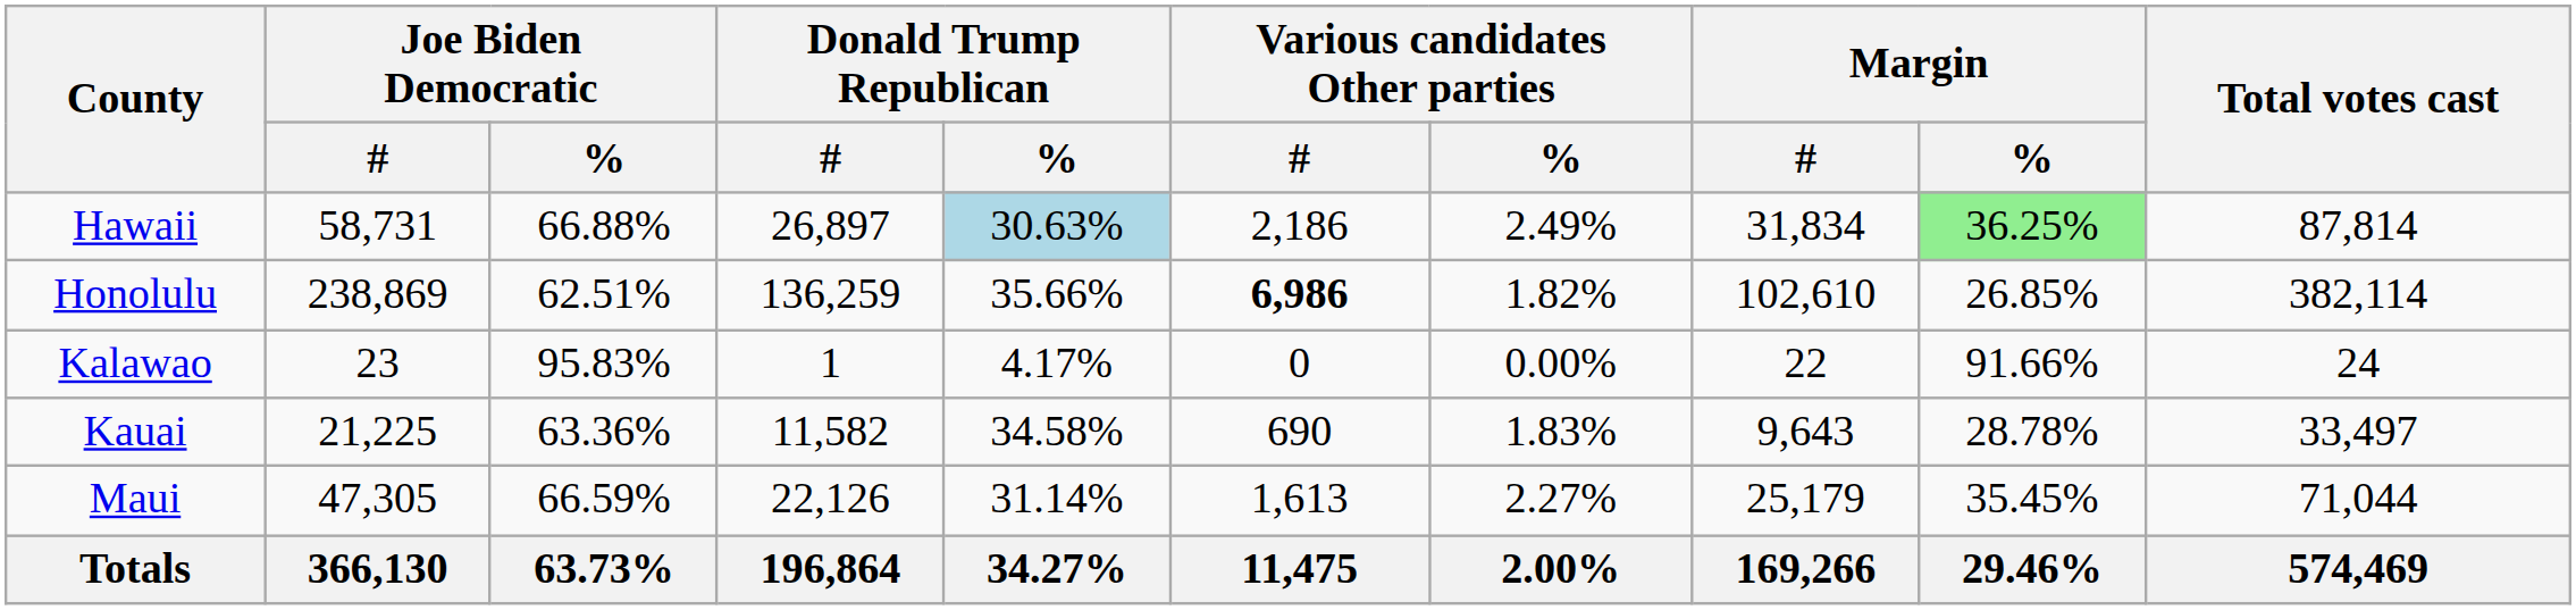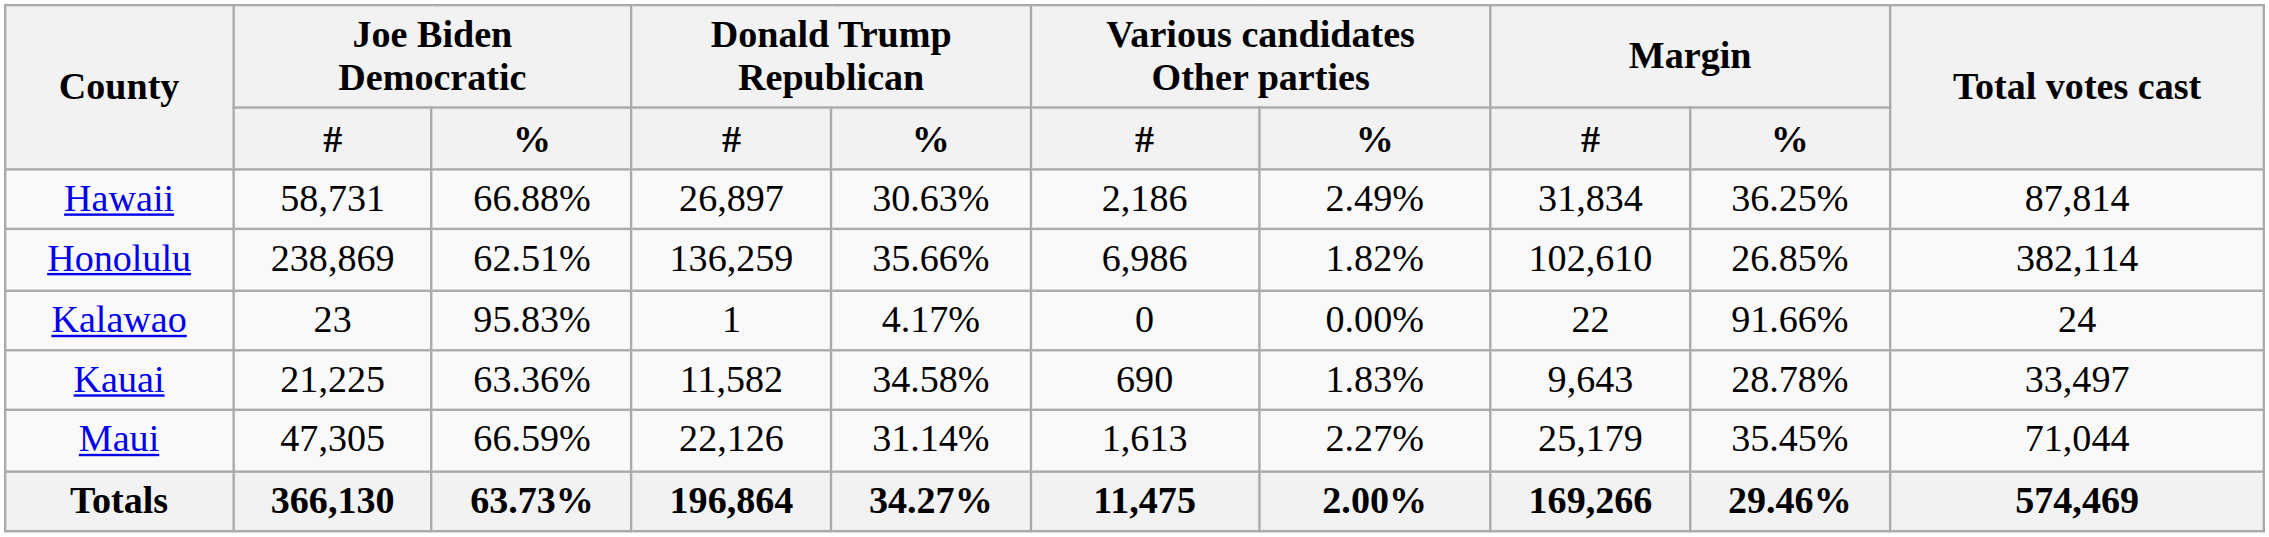 <table width="60%"  class="wikitable sortable" style="text-align:center">
 <tr>
 <th rowspan="2">County</th>
 <th colspan="2">Joe Biden<br>Democratic</th>
 <th colspan="2">Donald Trump<br>Republican</th>
 <th colspan="2">Various candidates<br>Other parties</th>
 <th colspan="2">Margin</th>
 <th rowspan="2">Total votes cast</th>
 </tr>
 <tr>
 <th data-sort-type="number" style="text-align:center;">#</th>
 <th data-sort-type="number" style="text-align:center;">%</th>
 <th data-sort-type="number" style="text-align:center;">#</th>
 <th data-sort-type="number" style="text-align:center;">%</th>
 <th data-sort-type="number" style="text-align:center;">#</th>
 <th data-sort-type="number" style="text-align:center;">%</th>
 <th data-sort-type="number" style="text-align:center;">#</th>
 <th data-sort-type="number" style="text-align:center;">%</th>
 </tr>
 <tr style="text-align:center;">
 <td><a href='#'>Hawaii</a></td>
 <td>58,731</td>
 <td>66.88%</td>
 <td>26,897</td>
-<td style="background: lightblue;">30.63%</td>
+<td>30.63%</td>
 <td>2,186</td>
 <td>2.49%</td>
 <td>31,834</td>
-<td style="background: lightgreen;">36.25%</td>
+<td>36.25%</td>
 <td>87,814</td>
 </tr>
 <tr style="text-align:center;">
 <td><a href='#'>Honolulu</a></td>
 <td>238,869</td>
 <td>62.51%</td>
 <td>136,259</td>
 <td>35.66%</td>
-<td><strong>6,986</strong></td>
+<td>6,986</td>
 <td>1.82%</td>
 <td>102,610</td>
 <td>26.85%</td>
 <td>382,114</td>
 </tr>
 <tr style="text-align:center;">
 <td><a href='#'>Kalawao</a></td>
 <td>23</td>
 <td>95.83%</td>
 <td>1</td>
 <td>4.17%</td>
 <td>0</td>
 <td>0.00%</td>
 <td>22</td>
 <td>91.66%</td>
 <td>24</td>
 </tr>
 <tr style="text-align:center;">
 <td><a href='#'>Kauai</a></td>
 <td>21,225</td>
 <td>63.36%</td>
 <td>11,582</td>
 <td>34.58%</td>
 <td>690</td>
 <td>1.83%</td>
 <td>9,643</td>
 <td>28.78%</td>
 <td>33,497</td>
 </tr>
 <tr style="text-align:center;">
 <td><a href='#'>Maui</a></td>
 <td>47,305</td>
 <td>66.59%</td>
 <td>22,126</td>
 <td>31.14%</td>
 <td>1,613</td>
 <td>2.27%</td>
 <td>25,179</td>
 <td>35.45%</td>
 <td>71,044</td>
 </tr>
 <tr style="text-align:center;">
 <th>Totals</th>
 <th>366,130</th>
 <th>63.73%</th>
 <th>196,864</th>
 <th>34.27%</th>
 <th>11,475</th>
 <th>2.00%</th>
 <th>169,266</th>
 <th>29.46%</th>
 <th>574,469</th>
 </tr>
 </table>
